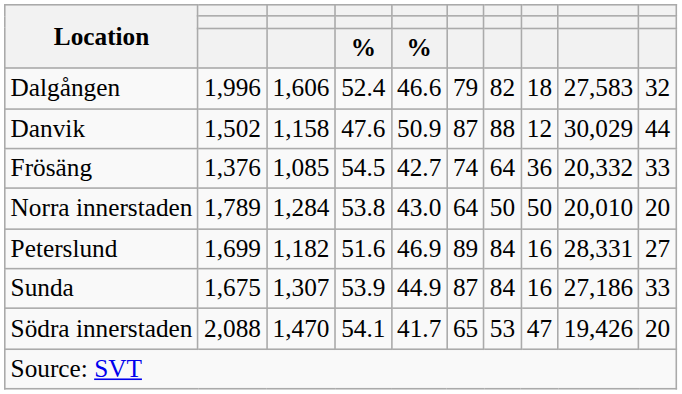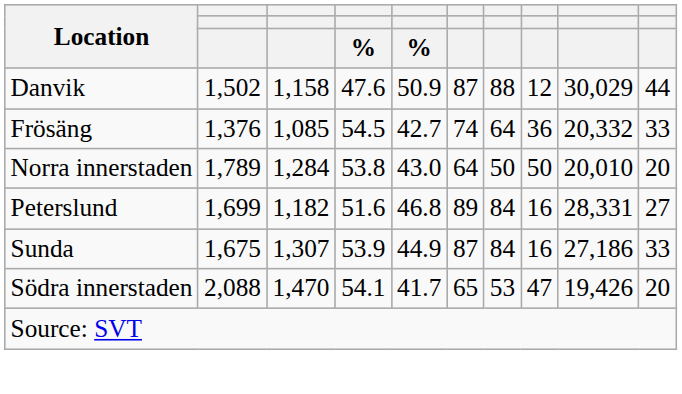 <table role="presentation" class="wikitable sortable mw-collapsible">
 <tr>
 <th rowspan="3">Location</th>
 <th></th>
 <th></th>
 <th></th>
 <th></th>
 <th></th>
 <th></th>
 <th></th>
 <th></th>
 <th></th>
 </tr>
 <tr>
 <th></th>
 <th></th>
 <th style="background:"></th>
 <th style="background:"></th>
 <th></th>
 <th></th>
 <th></th>
 <th></th>
 <th></th>
 </tr>
 <tr>
 <th data-sort-type="number"></th>
 <th data-sort-type="number"></th>
 <th data-sort-type="number">%</th>
 <th data-sort-type="number">%</th>
 <th data-sort-type="number"></th>
 <th data-sort-type="number"></th>
 <th data-sort-type="number"></th>
 <th data-sort-type="number"></th>
 <th data-sort-type="number"></th>
-</tr>
-<tr>
-<td align="left">Dalgången</td>
-<td>1,996</td>
-<td>1,606</td>
-<td>52.4</td>
-<td>46.6</td>
-<td>79</td>
-<td>82</td>
-<td>18</td>
-<td>27,583</td>
-<td>32</td>
 </tr>
 <tr>
 <td align="left">Danvik</td>
 <td>1,502</td>
 <td>1,158</td>
 <td>47.6</td>
 <td>50.9</td>
 <td>87</td>
 <td>88</td>
 <td>12</td>
 <td>30,029</td>
 <td>44</td>
 </tr>
 <tr>
 <td align="left">Frösäng</td>
 <td>1,376</td>
 <td>1,085</td>
 <td>54.5</td>
 <td>42.7</td>
 <td>74</td>
 <td>64</td>
 <td>36</td>
 <td>20,332</td>
 <td>33</td>
 </tr>
 <tr>
 <td align="left">Norra innerstaden</td>
 <td>1,789</td>
 <td>1,284</td>
 <td>53.8</td>
 <td>43.0</td>
 <td>64</td>
 <td>50</td>
 <td>50</td>
 <td>20,010</td>
 <td>20</td>
 </tr>
 <tr>
 <td align="left">Peterslund</td>
 <td>1,699</td>
 <td>1,182</td>
 <td>51.6</td>
-<td>46.9</td>
+<td>46.8</td>
 <td>89</td>
 <td>84</td>
 <td>16</td>
 <td>28,331</td>
 <td>27</td>
 </tr>
 <tr>
 <td align="left">Sunda</td>
 <td>1,675</td>
 <td>1,307</td>
 <td>53.9</td>
 <td>44.9</td>
 <td>87</td>
 <td>84</td>
 <td>16</td>
 <td>27,186</td>
 <td>33</td>
 </tr>
 <tr>
 <td align="left">Södra innerstaden</td>
 <td>2,088</td>
 <td>1,470</td>
 <td>54.1</td>
 <td>41.7</td>
 <td>65</td>
 <td>53</td>
 <td>47</td>
 <td>19,426</td>
 <td>20</td>
 </tr>
 <tr>
 <td colspan="10" align="left">Source: <a href='#'>SVT</a></td>
 </tr>
 </table>
